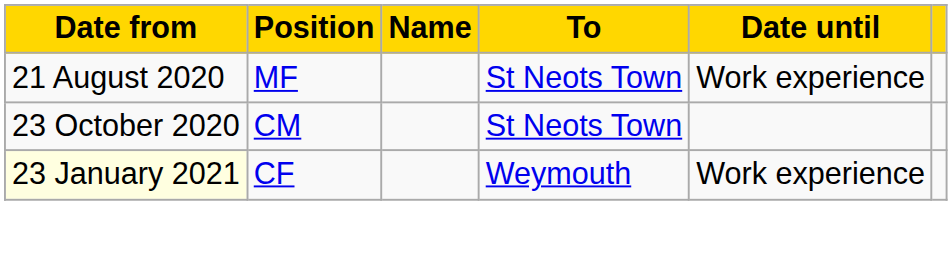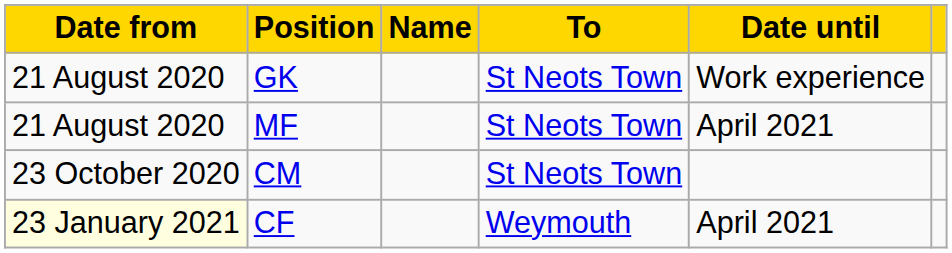 <table class="wikitable plainrowheaders sortable">
 <tr>
 <th style="background:#ffd700; color:#000000; ">Date from</th>
 <th style="background:#ffd700; color:#000000; ">Position</th>
 <th style="background:#ffd700; color:#000000; ">Name</th>
 <th style="background:#ffd700; color:#000000; ">To</th>
 <th style="background:#ffd700; color:#000000; ">Date until</th>
 <th style="background:#ffd700; color:#000000; "></th>
 </tr>
 <tr>
 <td>21 August 2020</td>
+<td><a href='#'>GK</a></td>
+<td></td>
+<td><a href='#'>St Neots Town</a></td>
+<td>Work experience</td>
+<td></td>
+</tr>
+<tr>
+<td>21 August 2020</td>
 <td><a href='#'>MF</a></td>
 <td></td>
 <td><a href='#'>St Neots Town</a></td>
-<td>Work experience</td>
+<td>April 2021</td>
 <td></td>
 </tr>
 <tr>
 <td>23 October 2020</td>
 <td><a href='#'>CM</a></td>
 <td></td>
 <td><a href='#'>St Neots Town</a></td>
 <td></td>
 <td></td>
 </tr>
 <tr>
 <td style="background: lightyellow;">23 January 2021</td>
 <td><a href='#'>CF</a></td>
 <td></td>
 <td><a href='#'>Weymouth</a></td>
-<td>Work experience</td>
+<td>April 2021</td>
 <td></td>
 </tr>
 </table>
